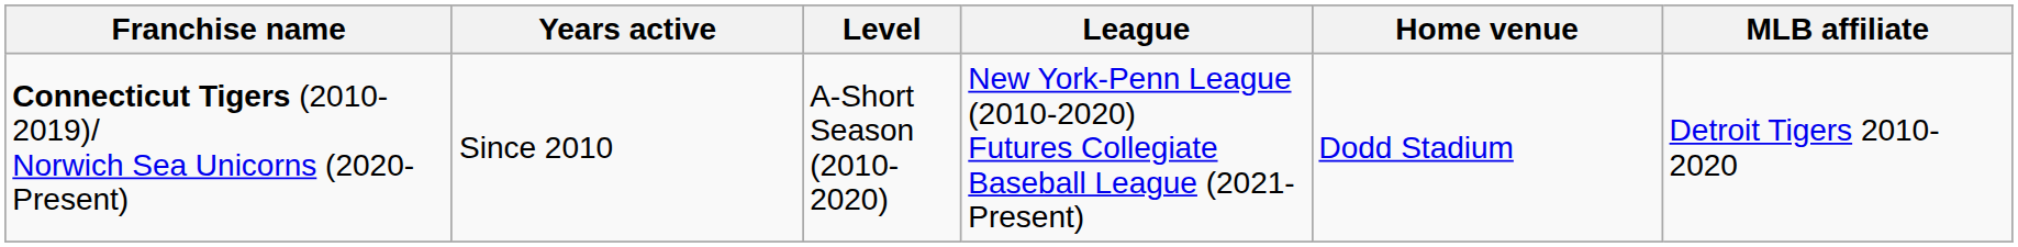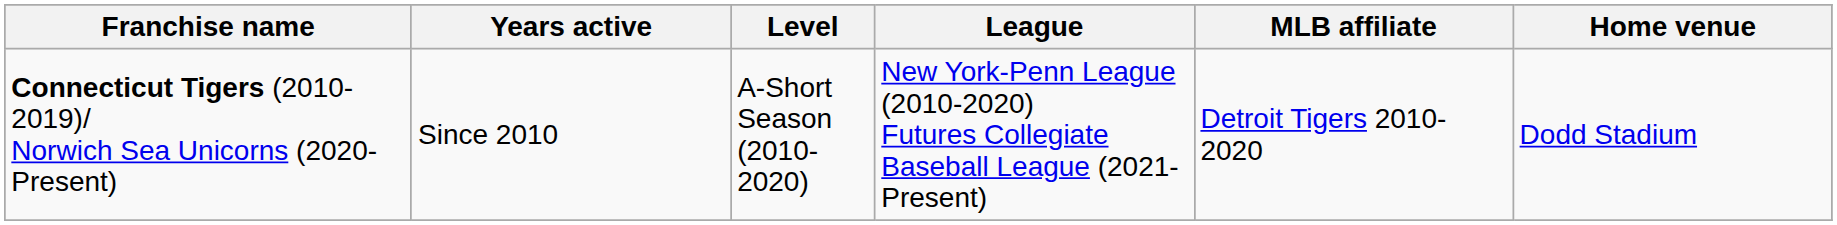 <table class="wikitable">
 <tr>
 <th style="width:225px;"><strong>Franchise name</strong></th>
 <th style="width:175px;"><strong>Years active</strong></th>
 <th style="width:75px;"><strong>Level</strong></th>
 <th style="width:175px;"><strong>League</strong></th>
+<th style="width:175px;"><strong>MLB affiliate</strong></th>
 <th style="width:175px;"><strong>Home venue</strong></th>
-<th style="width:175px;"><strong>MLB affiliate</strong></th>
 </tr>
 <tr>
 <td><strong>Connecticut Tigers</strong> (2010-2019)/<br><a href='#'>Norwich Sea Unicorns</a> (2020-Present)</td>
 <td>Since 2010</td>
 <td>A-Short Season (2010-2020)</td>
 <td><a href='#'>New York-Penn League</a> (2010-2020) <br> <a href='#'>Futures Collegiate Baseball League</a> (2021-Present)</td>
+<td><a href='#'>Detroit Tigers</a> 2010-2020 <br></td>
 <td><a href='#'>Dodd Stadium</a></td>
-<td><a href='#'>Detroit Tigers</a> 2010-2020 <br></td>
 </tr>
 </table>
